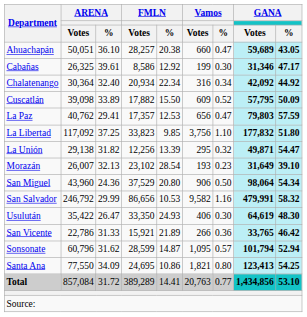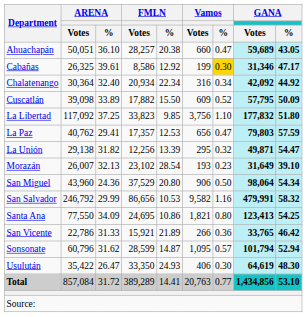 <table class="wikitable sortable" style="text-align:right; font-size:97%; line-height:20px;">
 <tr>
 <th rowspan="3"><a href='#'>Department</a></th>
 <th colspan="2" width="30px" class="unsortable"><a href='#'>ARENA</a></th>
 <th colspan="2" width="30px" class="unsortable"><a href='#'>FMLN</a></th>
 <th colspan="2" width="30px" class="unsortable"><a href='#'>Vamos</a></th>
 <th colspan="2" width="30px" class="unsortable"><a href='#'>GANA</a></th>
 </tr>
 <tr>
 <th colspan="2" style="background:"></th>
 <th colspan="2" style="background:"></th>
 <th colspan="2" style="background:"></th>
 <th colspan="2" style="background:#13C3C6"></th>
 </tr>
 <tr>
 <th data-sort-type="number">Votes</th>
 <th data-sort-type="number">%</th>
 <th data-sort-type="number">Votes</th>
 <th data-sort-type="number">%</th>
 <th data-sort-type="number">Votes</th>
 <th data-sort-type="number">%</th>
 <th data-sort-type="number">Votes</th>
 <th data-sort-type="number">%</th>
 </tr>
 <tr>
 <td align="left"><a href='#'>Ahuachapán</a></td>
 <td>50,051</td>
 <td>36.10</td>
 <td>28,257</td>
 <td>20.38</td>
 <td>660</td>
 <td>0.47</td>
 <td style="background:#BCEFF6"><strong>59,689</strong></td>
 <td style="background:#BCEFF6"><strong>43.05</strong></td>
 </tr>
 <tr>
 <td align="left"><a href='#'>Cabañas</a></td>
 <td>26,325</td>
 <td>39.61</td>
 <td>8,586</td>
 <td>12.92</td>
 <td>199</td>
-<td>0.30</td>
+<td style="background: gold;">0.30</td>
 <td style="background:#BCEFF6"><strong>31,346</strong></td>
 <td style="background:#BCEFF6"><strong>47.17</strong></td>
 </tr>
 <tr>
 <td align="left"><a href='#'>Chalatenango</a></td>
 <td>30,364</td>
 <td>32.40</td>
 <td>20,934</td>
 <td>22.34</td>
 <td>316</td>
 <td>0.34</td>
 <td style="background:#BCEFF6"><strong>42,092</strong></td>
 <td style="background:#BCEFF6"><strong>44.92</strong></td>
 </tr>
 <tr>
 <td align="left"><a href='#'>Cuscatlán</a></td>
 <td>39,098</td>
 <td>33.89</td>
 <td>17,882</td>
 <td>15.50</td>
 <td>609</td>
 <td>0.52</td>
 <td style="background:#BCEFF6"><strong>57,795</strong></td>
 <td style="background:#BCEFF6"><strong>50.09</strong></td>
 </tr>
 <tr>
+<td align="left"><a href='#'>La Libertad</a></td>
+<td>117,092</td>
+<td>37.25</td>
+<td>33,823</td>
+<td>9.85</td>
+<td>3,756</td>
+<td>1.10</td>
+<td style="background:#BCEFF6"><strong>177,832</strong></td>
+<td style="background:#BCEFF6"><strong>51.80</strong></td>
+</tr>
+<tr>
 <td align="left"><a href='#'>La Paz</a></td>
 <td>40,762</td>
 <td>29.41</td>
 <td>17,357</td>
 <td>12.53</td>
 <td>656</td>
 <td>0.47</td>
 <td style="background:#BCEFF6"><strong>79,803</strong></td>
 <td style="background:#BCEFF6"><strong>57.59</strong></td>
-</tr>
-<tr>
-<td align="left"><a href='#'>La Libertad</a></td>
-<td>117,092</td>
-<td>37.25</td>
-<td>33,823</td>
-<td>9.85</td>
-<td>3,756</td>
-<td>1.10</td>
-<td style="background:#BCEFF6"><strong>177,832</strong></td>
-<td style="background:#BCEFF6"><strong>51.80</strong></td>
 </tr>
 <tr>
 <td align="left"><a href='#'>La Unión</a></td>
 <td>29,138</td>
 <td>31.82</td>
 <td>12,256</td>
 <td>13.39</td>
 <td>295</td>
 <td>0.32</td>
 <td style="background:#BCEFF6"><strong>49,871</strong></td>
 <td style="background:#BCEFF6"><strong>54.47</strong></td>
 </tr>
 <tr>
 <td align="left"><a href='#'>Morazán</a></td>
 <td>26,007</td>
 <td>32.13</td>
 <td>23,102</td>
 <td>28.54</td>
 <td>193</td>
 <td>0.23</td>
 <td style="background:#BCEFF6"><strong>31,649</strong></td>
 <td style="background:#BCEFF6"><strong>39.10</strong></td>
 </tr>
 <tr>
 <td align="left"><a href='#'>San Miguel</a></td>
 <td>43,960</td>
 <td>24.36</td>
 <td>37,529</td>
 <td>20.80</td>
 <td>906</td>
 <td>0.50</td>
 <td style="background:#BCEFF6"><strong>98,064</strong></td>
 <td style="background:#BCEFF6"><strong>54.34</strong></td>
 </tr>
 <tr>
 <td align="left"><a href='#'>San Salvador</a></td>
 <td>246,792</td>
 <td>29.99</td>
 <td>86,656</td>
 <td>10.53</td>
 <td>9,582</td>
 <td>1.16</td>
 <td style="background:#BCEFF6"><strong>479,991</strong></td>
 <td style="background:#BCEFF6"><strong>58.32</strong></td>
 </tr>
 <tr>
-<td align="left"><a href='#'>Usulután</a></td>
-<td>35,422</td>
-<td>26.47</td>
-<td>33,350</td>
-<td>24.93</td>
-<td>406</td>
-<td>0.30</td>
-<td style="background:#BCEFF6"><strong>64,619</strong></td>
-<td style="background:#BCEFF6"><strong>48.30</strong></td>
+<td align="left"><a href='#'>Santa Ana</a></td>
+<td>77,550</td>
+<td>34.09</td>
+<td>24,695</td>
+<td>10.86</td>
+<td>1,821</td>
+<td>0.80</td>
+<td style="background:#BCEFF6"><strong>123,413</strong></td>
+<td style="background:#BCEFF6"><strong>54.25</strong></td>
 </tr>
 <tr>
 <td align="left"><a href='#'>San Vicente</a></td>
 <td>22,786</td>
 <td>31.33</td>
 <td>15,921</td>
 <td>21.89</td>
 <td>266</td>
 <td>0.36</td>
 <td style="background:#BCEFF6"><strong>33,765</strong></td>
 <td style="background:#BCEFF6"><strong>46.42</strong></td>
 </tr>
 <tr>
 <td align="left"><a href='#'>Sonsonate</a></td>
 <td>60,796</td>
 <td>31.62</td>
 <td>28,599</td>
 <td>14.87</td>
 <td>1,095</td>
 <td>0.57</td>
 <td style="background:#BCEFF6"><strong>101,794</strong></td>
 <td style="background:#BCEFF6"><strong>52.94</strong></td>
 </tr>
 <tr>
-<td align="left"><a href='#'>Santa Ana</a></td>
-<td>77,550</td>
-<td>34.09</td>
-<td>24,695</td>
-<td>10.86</td>
-<td>1,821</td>
-<td>0.80</td>
-<td style="background:#BCEFF6"><strong>123,413</strong></td>
-<td style="background:#BCEFF6"><strong>54.25</strong></td>
+<td align="left"><a href='#'>Usulután</a></td>
+<td>35,422</td>
+<td>26.47</td>
+<td>33,350</td>
+<td>24.93</td>
+<td>406</td>
+<td>0.30</td>
+<td style="background:#BCEFF6"><strong>64,619</strong></td>
+<td style="background:#BCEFF6"><strong>48.30</strong></td>
 </tr>
 <tr style="background:#CDCDCD;">
 <td align="left"><strong>Total</strong></td>
 <td>857,084</td>
 <td>31.72</td>
 <td>389,289</td>
 <td>14.41</td>
 <td>20,763</td>
 <td>0.77</td>
 <td style="background:#13C3C6"><strong>1,434,856</strong></td>
 <td style="background:#13C3C6"><strong>53.10</strong></td>
 </tr>
 <tr>
 <th colspan="9"></th>
 </tr>
 <tr>
 <th style="text-align:left; font-weight:normal; background:#F9F9F9" colspan="9">Source: </th>
 </tr>
 </table>
